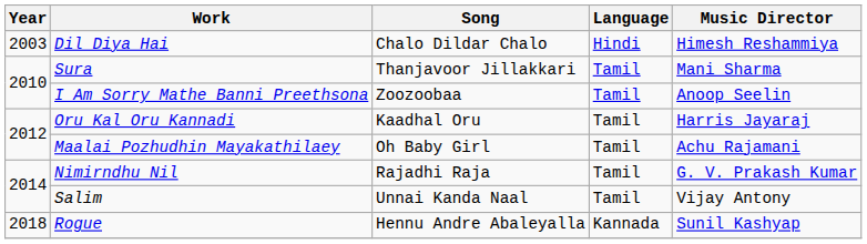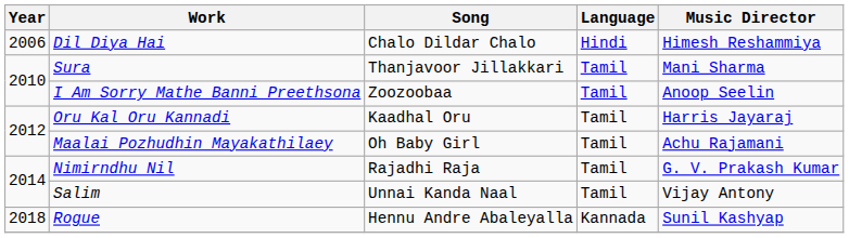 <table class="wikitable sortable">
 <tr>
 <th>Year</th>
 <th>Work</th>
 <th>Song</th>
 <th>Language</th>
 <th>Music Director</th>
 </tr>
 <tr>
-<td>2003</td>
+<td>2006</td>
 <td><em><a href='#'>Dil Diya Hai</a></em></td>
 <td>Chalo Dildar Chalo</td>
 <td><a href='#'>Hindi</a></td>
 <td><a href='#'>Himesh Reshammiya</a></td>
 </tr>
 <tr>
 <td rowspan="2">2010</td>
 <td><em><a href='#'>Sura</a></em></td>
 <td>Thanjavoor Jillakkari</td>
 <td><a href='#'>Tamil</a></td>
 <td><a href='#'>Mani Sharma</a></td>
 </tr>
 <tr>
 <td><em><a href='#'>I Am Sorry Mathe Banni Preethsona</a></em></td>
 <td>Zoozoobaa</td>
 <td><a href='#'>Tamil</a></td>
 <td><a href='#'>Anoop Seelin</a></td>
 </tr>
 <tr>
 <td rowspan="2'">2012</td>
 <td><em><a href='#'>Oru Kal Oru Kannadi</a></em></td>
 <td>Kaadhal Oru</td>
 <td>Tamil</td>
 <td><a href='#'>Harris Jayaraj</a></td>
 </tr>
 <tr>
 <td><em><a href='#'>Maalai Pozhudhin Mayakathilaey</a></em></td>
 <td>Oh Baby Girl</td>
 <td>Tamil</td>
 <td><a href='#'>Achu Rajamani</a></td>
 </tr>
 <tr>
 <td rowspan=2>2014</td>
 <td><em><a href='#'>Nimirndhu Nil</a></em></td>
 <td>Rajadhi Raja</td>
 <td>Tamil</td>
 <td><a href='#'>G. V. Prakash Kumar</a></td>
 </tr>
 <tr>
 <td><em>Salim</em></td>
 <td>Unnai Kanda Naal</td>
 <td>Tamil</td>
 <td>Vijay Antony</td>
 </tr>
 <tr>
 <td>2018</td>
 <td><em><a href='#'>Rogue</a></em></td>
 <td>Hennu Andre Abaleyalla</td>
 <td>Kannada</td>
 <td><a href='#'>Sunil Kashyap</a></td>
 </tr>
 <tr>
 </tr>
 </table>
